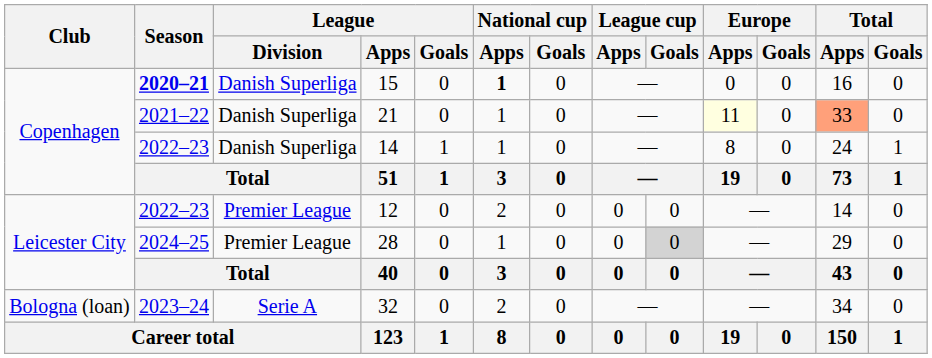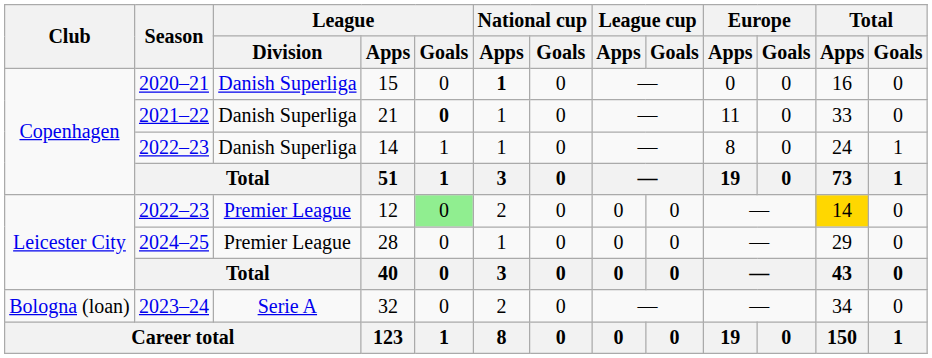 <table class="wikitable" style="text-align:center">
 <tr>
 <th rowspan="2">Club</th>
 <th rowspan="2">Season</th>
 <th colspan="3">League</th>
 <th colspan="2">National cup</th>
 <th colspan="2">League cup</th>
 <th colspan="2">Europe</th>
 <th colspan="2">Total</th>
 </tr>
 <tr>
 <th>Division</th>
 <th>Apps</th>
 <th>Goals</th>
 <th>Apps</th>
 <th>Goals</th>
 <th>Apps</th>
 <th>Goals</th>
 <th>Apps</th>
 <th>Goals</th>
 <th>Apps</th>
 <th>Goals</th>
 </tr>
 <tr>
 <td rowspan="4"><a href='#'>Copenhagen</a></td>
-<td><strong><a href='#'>2020–21</a></strong></td>
+<td><a href='#'>2020–21</a></td>
 <td><a href='#'>Danish Superliga</a></td>
 <td>15</td>
 <td>0</td>
 <td><strong>1</strong></td>
 <td>0</td>
 <td colspan="2">—</td>
 <td>0</td>
 <td>0</td>
 <td>16</td>
 <td>0</td>
 </tr>
 <tr>
 <td><a href='#'>2021–22</a></td>
 <td>Danish Superliga</td>
 <td>21</td>
-<td>0</td>
+<td><strong>0</strong></td>
 <td>1</td>
 <td>0</td>
 <td colspan="2">—</td>
-<td style="background: lightyellow;">11</td>
+<td>11</td>
 <td>0</td>
-<td style="background: lightsalmon;">33</td>
+<td>33</td>
 <td>0</td>
 </tr>
 <tr>
 <td><a href='#'>2022–23</a></td>
 <td>Danish Superliga</td>
 <td>14</td>
 <td>1</td>
 <td>1</td>
 <td>0</td>
 <td colspan="2">—</td>
 <td>8</td>
 <td>0</td>
 <td>24</td>
 <td>1</td>
 </tr>
 <tr>
 <th colspan="2">Total</th>
 <th>51</th>
 <th>1</th>
 <th>3</th>
 <th>0</th>
 <th colspan="2">—</th>
 <th>19</th>
 <th>0</th>
 <th>73</th>
 <th>1</th>
 </tr>
 <tr>
 <td rowspan="3"><a href='#'>Leicester City</a></td>
 <td><a href='#'>2022–23</a></td>
 <td><a href='#'>Premier League</a></td>
 <td>12</td>
-<td>0</td>
+<td style="background: lightgreen;">0</td>
 <td>2</td>
 <td>0</td>
 <td>0</td>
 <td>0</td>
 <td colspan="2">—</td>
-<td>14</td>
+<td style="background: gold;">14</td>
 <td>0</td>
 </tr>
 <tr>
 <td><a href='#'>2024–25</a></td>
 <td>Premier League</td>
 <td>28</td>
 <td>0</td>
 <td>1</td>
 <td>0</td>
 <td>0</td>
-<td style="background: lightgrey;">0</td>
+<td>0</td>
 <td colspan="2">—</td>
 <td>29</td>
 <td>0</td>
 </tr>
 <tr>
 <th colspan="2">Total</th>
 <th>40</th>
 <th>0</th>
 <th>3</th>
 <th>0</th>
 <th>0</th>
 <th>0</th>
 <th colspan="2">—</th>
 <th>43</th>
 <th>0</th>
 </tr>
 <tr>
 <td><a href='#'>Bologna</a> (loan)</td>
 <td><a href='#'>2023–24</a></td>
 <td><a href='#'>Serie A</a></td>
 <td>32</td>
 <td>0</td>
 <td>2</td>
 <td>0</td>
 <td colspan="2">—</td>
 <td colspan="2">—</td>
 <td>34</td>
 <td>0</td>
 </tr>
 <tr>
 <th colspan="3">Career total</th>
 <th>123</th>
 <th>1</th>
 <th>8</th>
 <th>0</th>
 <th>0</th>
 <th>0</th>
 <th>19</th>
 <th>0</th>
 <th>150</th>
 <th>1</th>
 </tr>
 </table>
